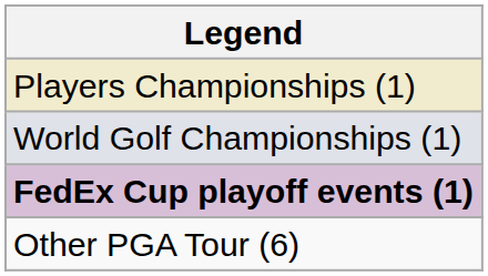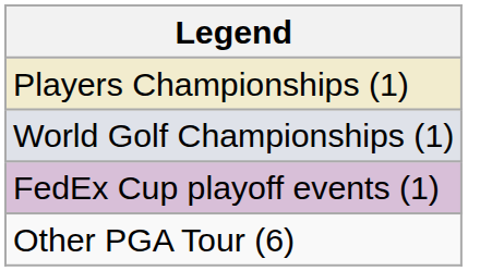 <table class="wikitable" style="font-size:95%;">
 <tr>
 <th>Legend</th>
 </tr>
 <tr style="background:#f2ecce;">
 <td>Players Championships (1)</td>
 </tr>
 <tr style="background:#dfe2e9;">
 <td>World Golf Championships (1)</td>
 </tr>
 <tr style="background:#D8BFD8;">
-<td><strong>FedEx Cup playoff events (1)</strong></td>
+<td>FedEx Cup playoff events (1)</td>
 </tr>
 <tr>
 <td>Other PGA Tour (6)</td>
 </tr>
 </table>
